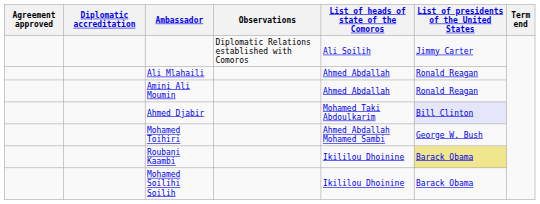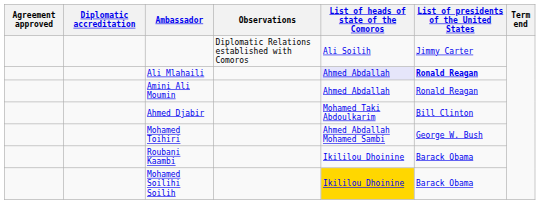 <table class="wikitable sortable">
 <tr>
 <th>Agreement approved</th>
 <th><a href='#'>Diplomatic accreditation</a></th>
 <th><a href='#'>Ambassador</a></th>
 <th>Observations</th>
 <th><a href='#'>List of heads of state of the Comoros</a></th>
 <th><a href='#'>List of presidents of the United States</a></th>
 <th>Term end</th>
 </tr>
 <tr>
 <td></td>
 <td></td>
 <td></td>
 <td>Diplomatic Relations established with Comoros</td>
 <td><a href='#'>Ali Soilih</a></td>
 <td><a href='#'>Jimmy Carter</a></td>
 </tr>
 <tr>
 <td></td>
 <td></td>
 <td><a href='#'>Ali Mlahaili</a></td>
 <td></td>
-<td><a href='#'>Ahmed Abdallah</a></td>
-<td><a href='#'>Ronald Reagan</a></td>
+<td style="background: lavender;"><a href='#'>Ahmed Abdallah</a></td>
+<td><strong><a href='#'>Ronald Reagan</a></strong></td>
 </tr>
 <tr>
 <td></td>
 <td></td>
 <td><a href='#'>Amini Ali Moumin</a></td>
 <td></td>
 <td><a href='#'>Ahmed Abdallah</a></td>
 <td><a href='#'>Ronald Reagan</a></td>
 </tr>
 <tr>
 <td></td>
 <td></td>
 <td><a href='#'>Ahmed Djabir</a></td>
 <td></td>
 <td><a href='#'>Mohamed Taki Abdoulkarim</a></td>
-<td style="background: lavender;"><a href='#'>Bill Clinton</a></td>
+<td><a href='#'>Bill Clinton</a></td>
 </tr>
 <tr>
 <td></td>
 <td></td>
 <td><a href='#'>Mohamed Toihiri</a></td>
 <td></td>
 <td><a href='#'>Ahmed Abdallah Mohamed Sambi</a></td>
 <td><a href='#'>George W. Bush</a></td>
 </tr>
 <tr>
 <td></td>
 <td></td>
 <td><a href='#'>Roubani Kaambi</a></td>
 <td></td>
 <td><a href='#'>Ikililou Dhoinine</a></td>
-<td style="background: khaki;"><a href='#'>Barack Obama</a></td>
+<td><a href='#'>Barack Obama</a></td>
 </tr>
 <tr>
 <td></td>
 <td></td>
 <td><a href='#'>Mohamed Soilihi Soilih</a></td>
 <td></td>
-<td><a href='#'>Ikililou Dhoinine</a></td>
+<td style="background: gold;"><a href='#'>Ikililou Dhoinine</a></td>
 <td><a href='#'>Barack Obama</a></td>
 </tr>
 </table>
